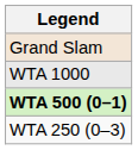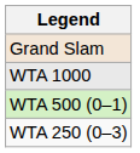 <table class="wikitable" style="font-size:90%;">
 <tr>
 <th>Legend</th>
 </tr>
 <tr>
 <td bgcolor="f3e6d7">Grand Slam</td>
 </tr>
 <tr>
 <td bgcolor="e9e9e9">WTA 1000</td>
 </tr>
 <tr>
-<td bgcolor="d4f1c5"><strong>WTA 500 (0–1)</strong></td>
+<td bgcolor="d4f1c5">WTA 500 (0–1)</td>
 </tr>
 <tr>
 <td>WTA 250 (0–3)</td>
 </tr>
 </table>
